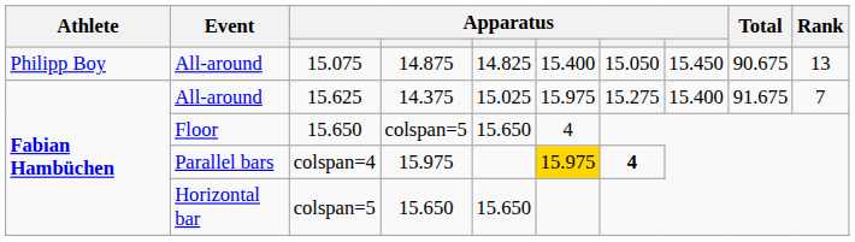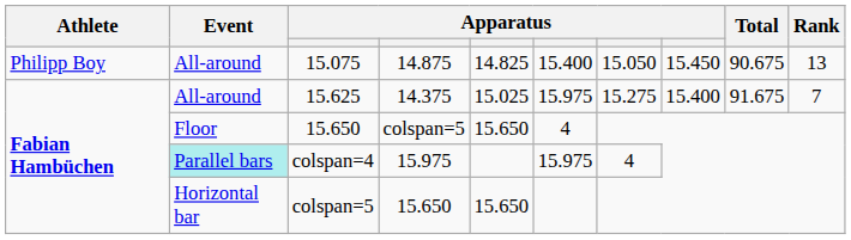 <table class="wikitable" style="font-size:90%">
 <tr>
 <th rowspan=2>Athlete</th>
 <th rowspan=2>Event</th>
 <th colspan =6>Apparatus</th>
 <th rowspan=2>Total</th>
 <th rowspan=2>Rank</th>
 </tr>
 <tr style="font-size:95%">
 <th></th>
 <th></th>
 <th></th>
 <th></th>
 <th></th>
 <th></th>
 </tr>
 <tr align=center>
 <td align=left><a href='#'>Philipp Boy</a></td>
 <td align=left><a href='#'>All-around</a></td>
 <td>15.075</td>
 <td>14.875</td>
 <td>14.825</td>
 <td>15.400</td>
 <td>15.050</td>
 <td>15.450</td>
 <td>90.675</td>
 <td>13</td>
 </tr>
 <tr align=center>
 <td align=left rowspan=4><strong><a href='#'>Fabian Hambüchen</a></strong></td>
 <td align=left><a href='#'>All-around</a></td>
 <td>15.625</td>
 <td>14.375</td>
 <td>15.025</td>
 <td>15.975</td>
 <td>15.275</td>
 <td>15.400</td>
 <td>91.675</td>
 <td>7</td>
 </tr>
 <tr align=center>
 <td align=left><a href='#'>Floor</a></td>
 <td>15.650</td>
 <td>colspan=5 </td>
 <td>15.650</td>
 <td>4</td>
 </tr>
 <tr align=center>
-<td align=left><a href='#'>Parallel bars</a></td>
+<td align=left style="background: paleturquoise;"><a href='#'>Parallel bars</a></td>
 <td>colspan=4 </td>
 <td>15.975</td>
 <td></td>
-<td style="background: gold;">15.975</td>
-<td><strong>4</strong></td>
+<td>15.975</td>
+<td>4</td>
 </tr>
 <tr align=center>
 <td align=left><a href='#'>Horizontal bar</a></td>
 <td>colspan=5 </td>
 <td>15.650</td>
 <td>15.650</td>
 <td></td>
 </tr>
 </table>
